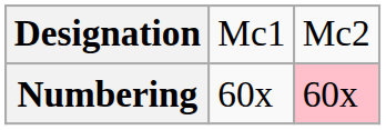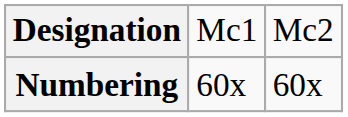 <table class="wikitable">
 <tr>
 <th>Designation</th>
 <td>Mc1</td>
 <td>Mc2</td>
 </tr>
 <tr>
 <th>Numbering</th>
 <td>60x</td>
-<td style="background: pink;">60x</td>
+<td>60x</td>
 </tr>
 </table>
